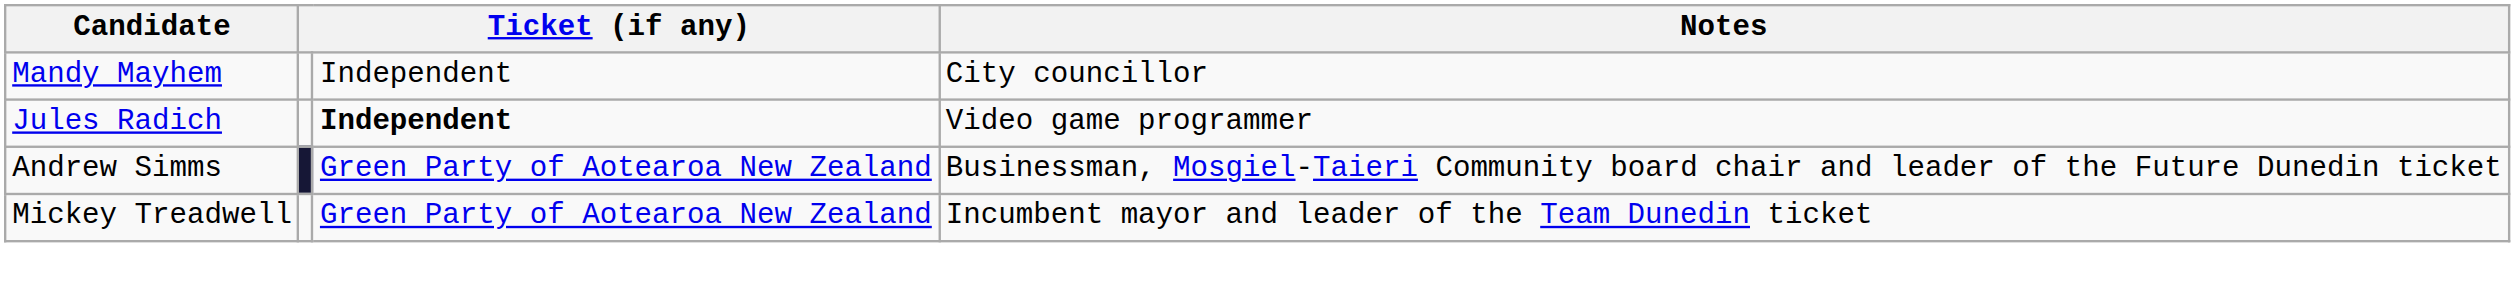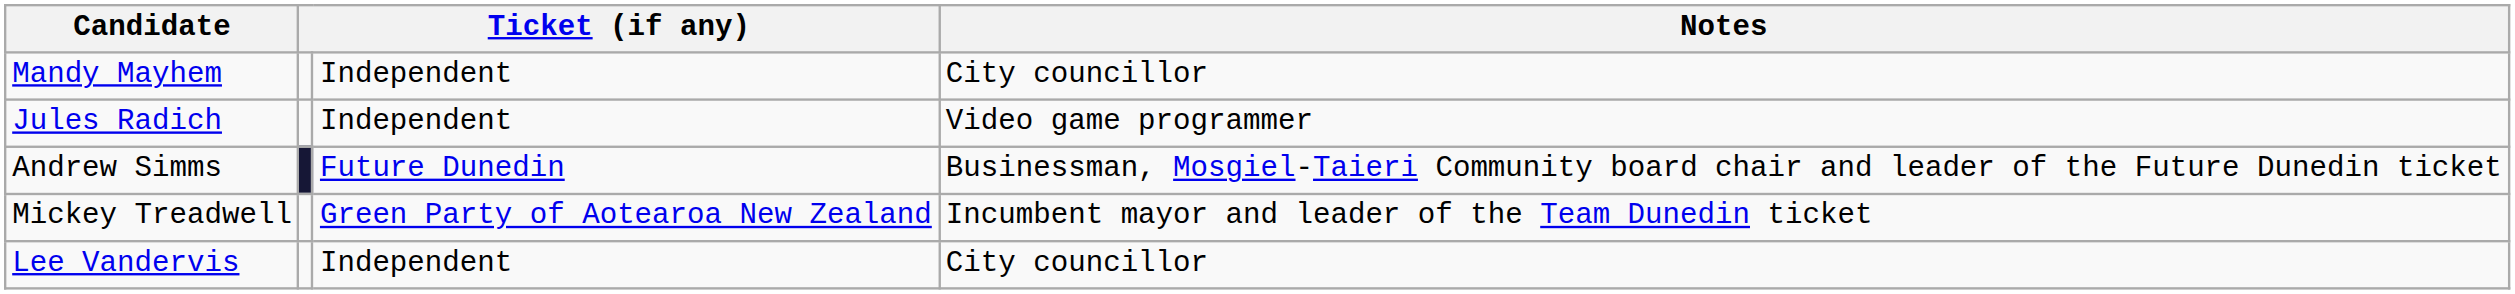 <table class="wikitable" style="font-size: 95%">
 <tr>
 <th>Candidate</th>
 <th colspan="2"><a href='#'>Ticket</a> (if any)</th>
 <th>Notes</th>
 </tr>
 <tr>
 <td><a href='#'>Mandy Mayhem</a></td>
 <td></td>
 <td>Independent</td>
 <td>City councillor</td>
 </tr>
 <tr>
 <td><a href='#'>Jules Radich</a></td>
 <td></td>
-<td><strong>Independent</strong></td>
+<td>Independent</td>
 <td>Video game programmer</td>
 </tr>
 <tr>
 <td>Andrew Simms</td>
 <td style="background-color:#161736ff"></td>
-<td><a href='#'>Green Party of Aotearoa New Zealand</a></td>
+<td><a href='#'>Future Dunedin</a></td>
 <td>Businessman, <a href='#'>Mosgiel</a>-<a href='#'>Taieri</a> Community board chair and leader of the Future Dunedin ticket</td>
 </tr>
 <tr>
 <td>Mickey Treadwell</td>
 <td style="background-color:"></td>
 <td><a href='#'>Green Party of Aotearoa New Zealand</a></td>
 <td>Incumbent mayor and leader of the <a href='#'>Team Dunedin</a> ticket</td>
 </tr>
+<tr>
+<td><a href='#'>Lee Vandervis</a></td>
+<td></td>
+<td>Independent</td>
+<td>City councillor</td>
+</tr>
 </table>
